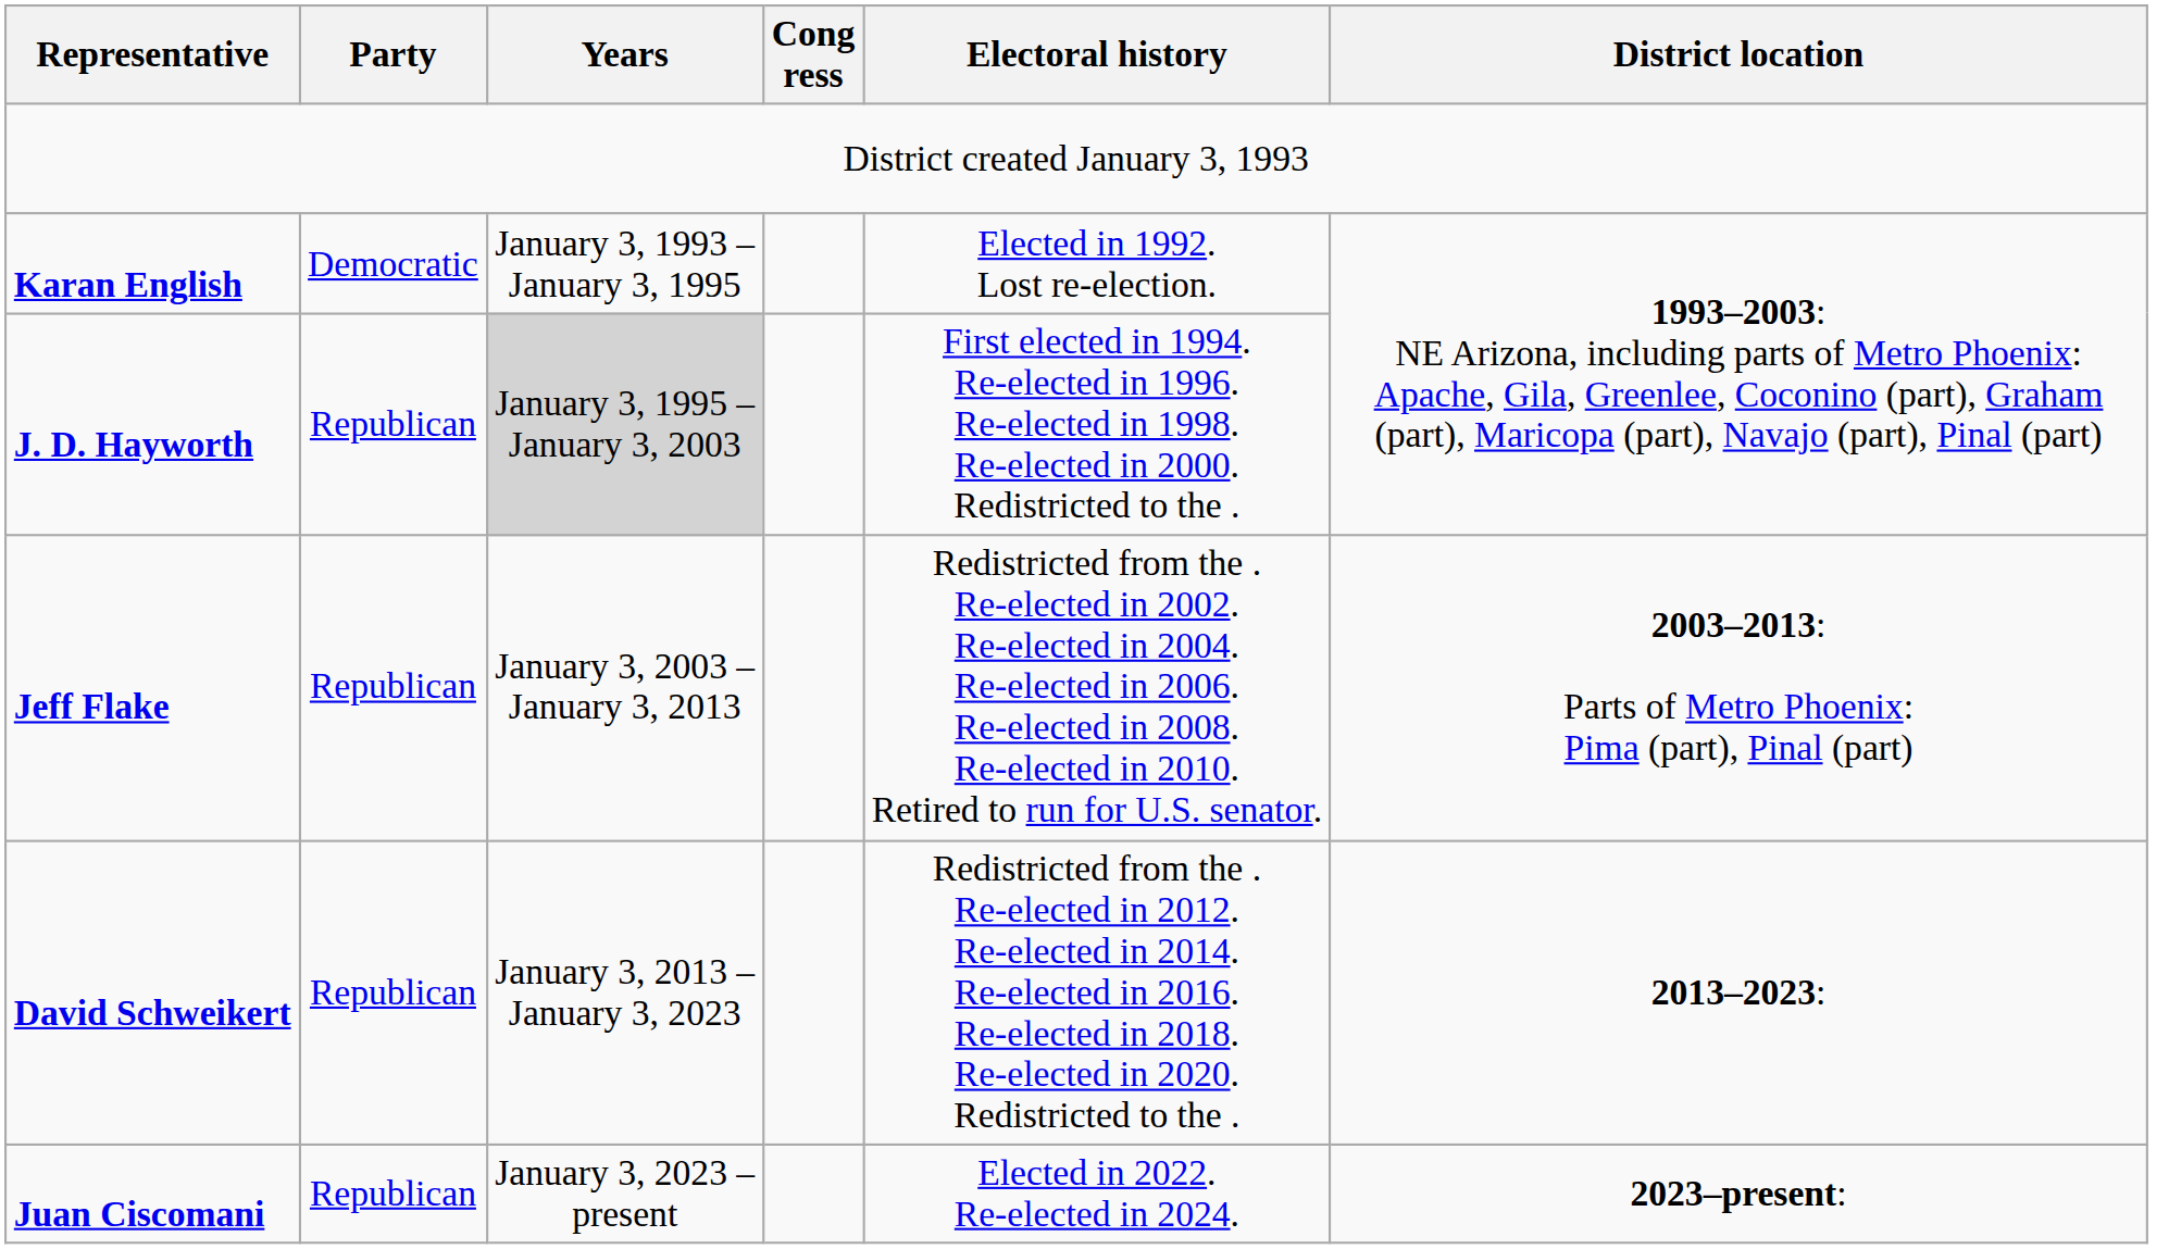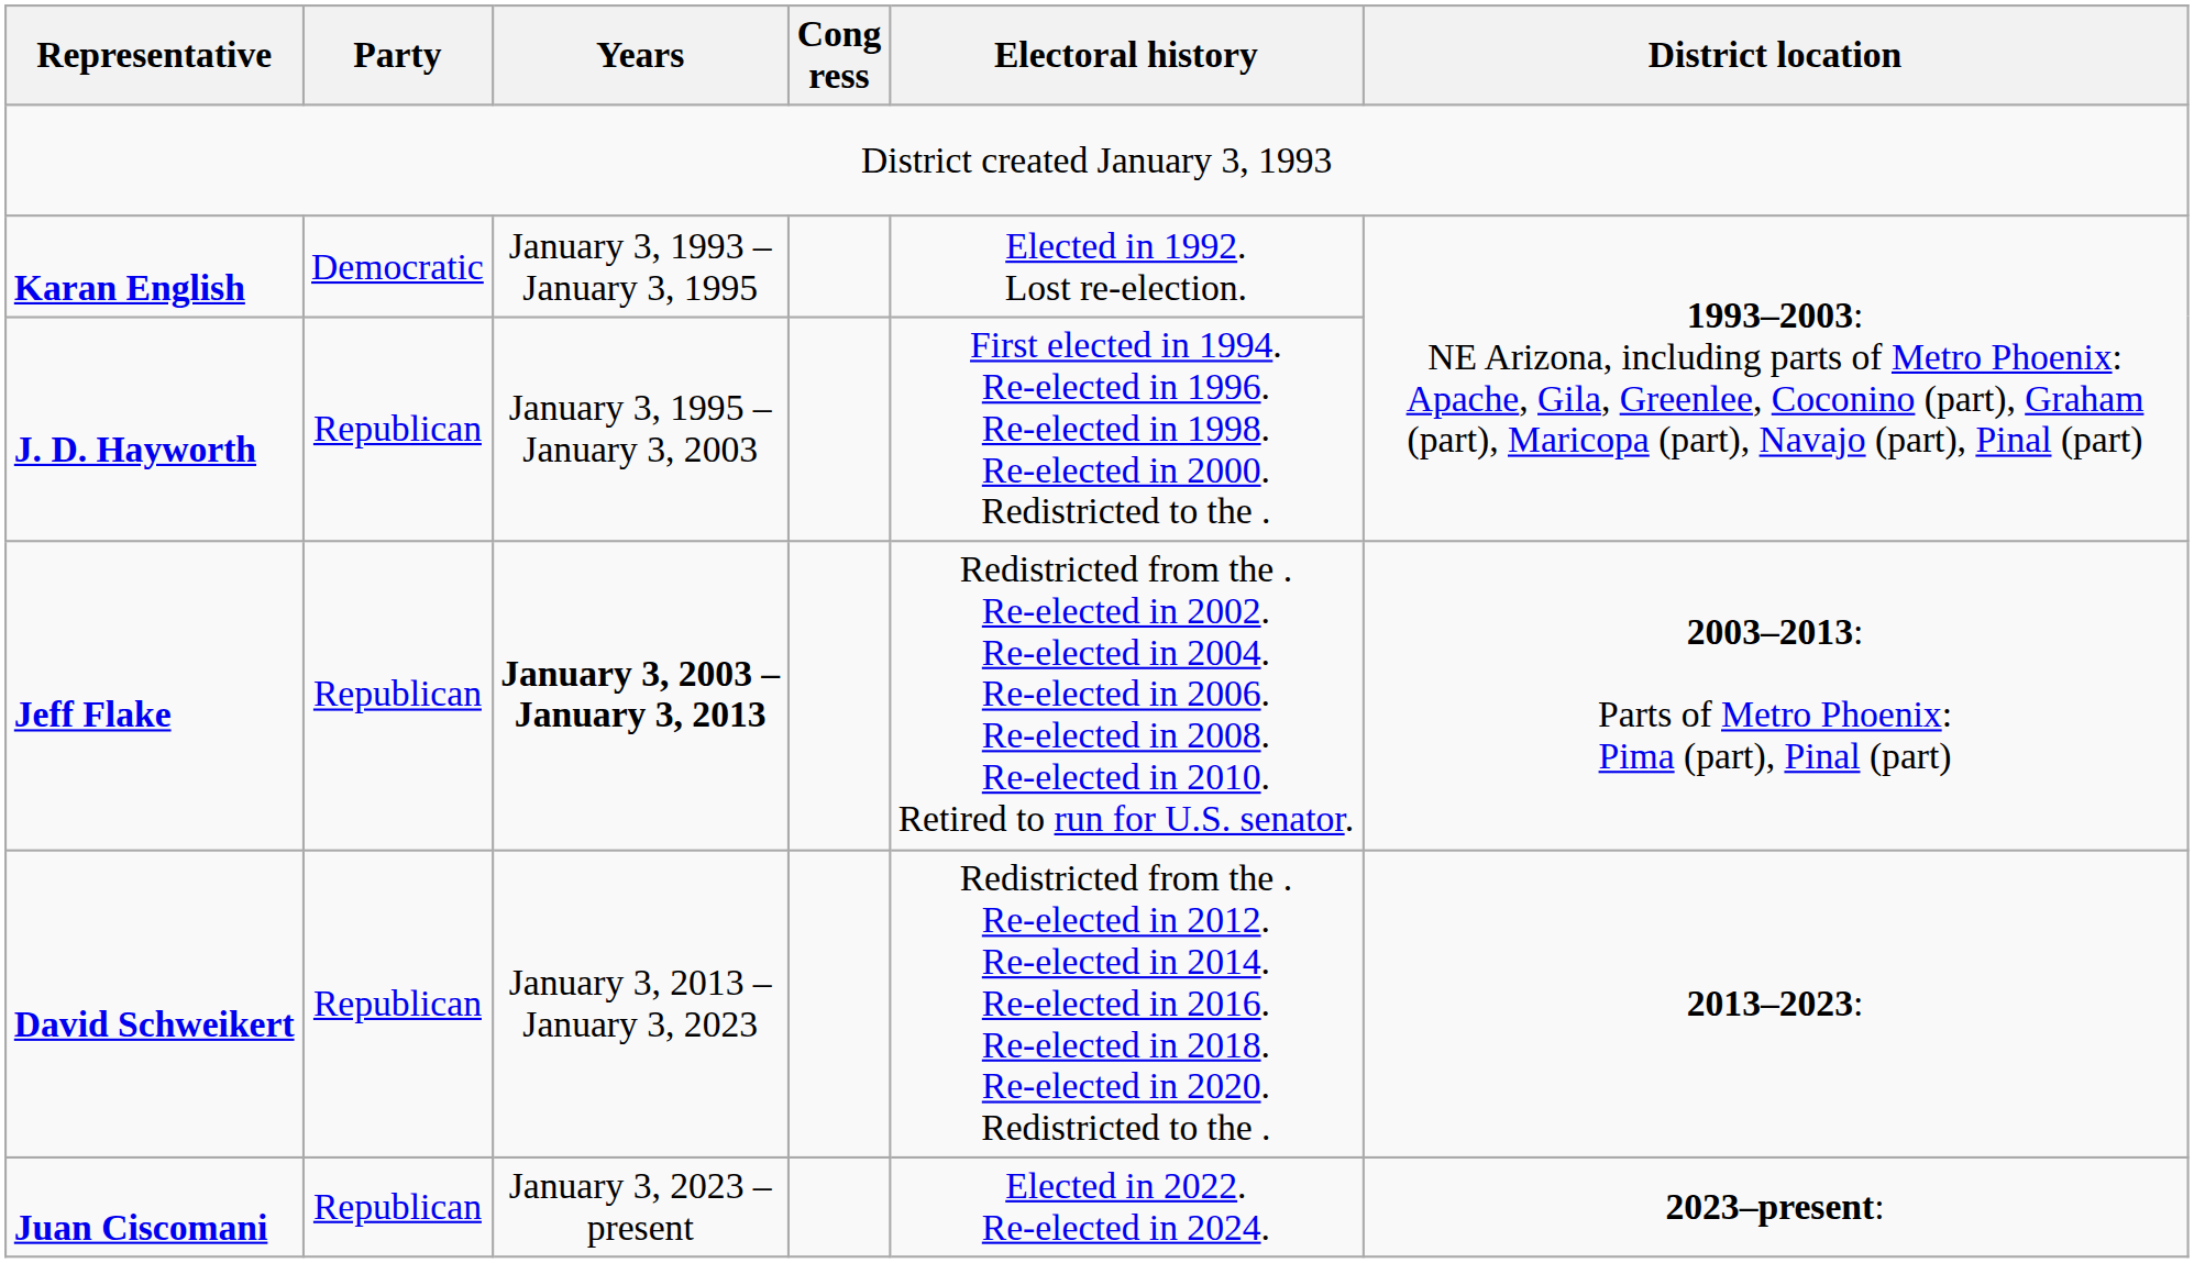 <table class=wikitable style="text-align:center">
 <tr>
 <th>Representative</th>
 <th>Party</th>
 <th>Years</th>
 <th>Cong<br>ress</th>
 <th>Electoral history</th>
 <th width=350>District location</th>
 </tr>
 <tr style="height:3em">
 <td colspan=6>District created January 3, 1993</td>
 </tr>
 <tr>
 <td align=left nowrap><br><strong><a href='#'>Karan English</a></strong><br></td>
 <td><a href='#'>Democratic</a></td>
 <td nowrap>January 3, 1993 –<br>January 3, 1995</td>
 <td></td>
 <td><a href='#'>Elected in 1992</a>.<br>Lost re-election.</td>
 <td rowspan=2><strong>1993–2003</strong>:<br>NE Arizona, including parts of <a href='#'>Metro Phoenix</a>:<br><a href='#'>Apache</a>, <a href='#'>Gila</a>, <a href='#'>Greenlee</a>, <a href='#'>Coconino</a> (part), <a href='#'>Graham</a> (part), <a href='#'>Maricopa</a> (part), <a href='#'>Navajo</a> (part), <a href='#'>Pinal</a> (part)</td>
 </tr>
 <tr>
 <td align=left nowrap><br><strong><a href='#'>J. D. Hayworth</a></strong><br></td>
 <td><a href='#'>Republican</a></td>
-<td nowrap style="background: lightgrey;">January 3, 1995 –<br>January 3, 2003</td>
+<td nowrap>January 3, 1995 –<br>January 3, 2003</td>
 <td></td>
 <td><a href='#'>First elected in 1994</a>.<br><a href='#'>Re-elected in 1996</a>.<br><a href='#'>Re-elected in 1998</a>.<br><a href='#'>Re-elected in 2000</a>.<br>Redistricted to the .</td>
 </tr>
 <tr>
 <td align=left nowrap><br><strong><a href='#'>Jeff Flake</a></strong><br></td>
 <td><a href='#'>Republican</a></td>
-<td nowrap>January 3, 2003 –<br>January 3, 2013</td>
+<td nowrap><strong>January 3, 2003 –<br>January 3, 2013</strong></td>
 <td></td>
 <td>Redistricted from the .<br><a href='#'>Re-elected in 2002</a>.<br><a href='#'>Re-elected in 2004</a>.<br><a href='#'>Re-elected in 2006</a>.<br><a href='#'>Re-elected in 2008</a>.<br><a href='#'>Re-elected in 2010</a>.<br>Retired to <a href='#'>run for U.S. senator</a>.</td>
 <td><strong>2003–2013</strong>:<br><br>Parts of <a href='#'>Metro Phoenix</a>:<br><a href='#'>Pima</a> (part), <a href='#'>Pinal</a> (part)</td>
 </tr>
 <tr>
 <td align=left nowrap><br><strong><a href='#'>David Schweikert</a></strong><br></td>
 <td><a href='#'>Republican</a></td>
 <td nowrap>January 3, 2013 –<br>January 3, 2023</td>
 <td></td>
 <td>Redistricted from the .<br><a href='#'>Re-elected in 2012</a>.<br><a href='#'>Re-elected in 2014</a>.<br><a href='#'>Re-elected in 2016</a>.<br><a href='#'>Re-elected in 2018</a>.<br><a href='#'>Re-elected in 2020</a>.<br>Redistricted to the .</td>
 <td><strong>2013–2023</strong>:<br></td>
 </tr>
 <tr>
 <td align=left nowrap><br><strong><a href='#'>Juan Ciscomani</a></strong><br></td>
 <td><a href='#'>Republican</a></td>
 <td nowrap>January 3, 2023 –<br>present</td>
 <td></td>
 <td><a href='#'>Elected in 2022</a>.<br><a href='#'>Re-elected in 2024</a>.</td>
 <td><strong>2023–present</strong>:<br></td>
 </tr>
 </table>
